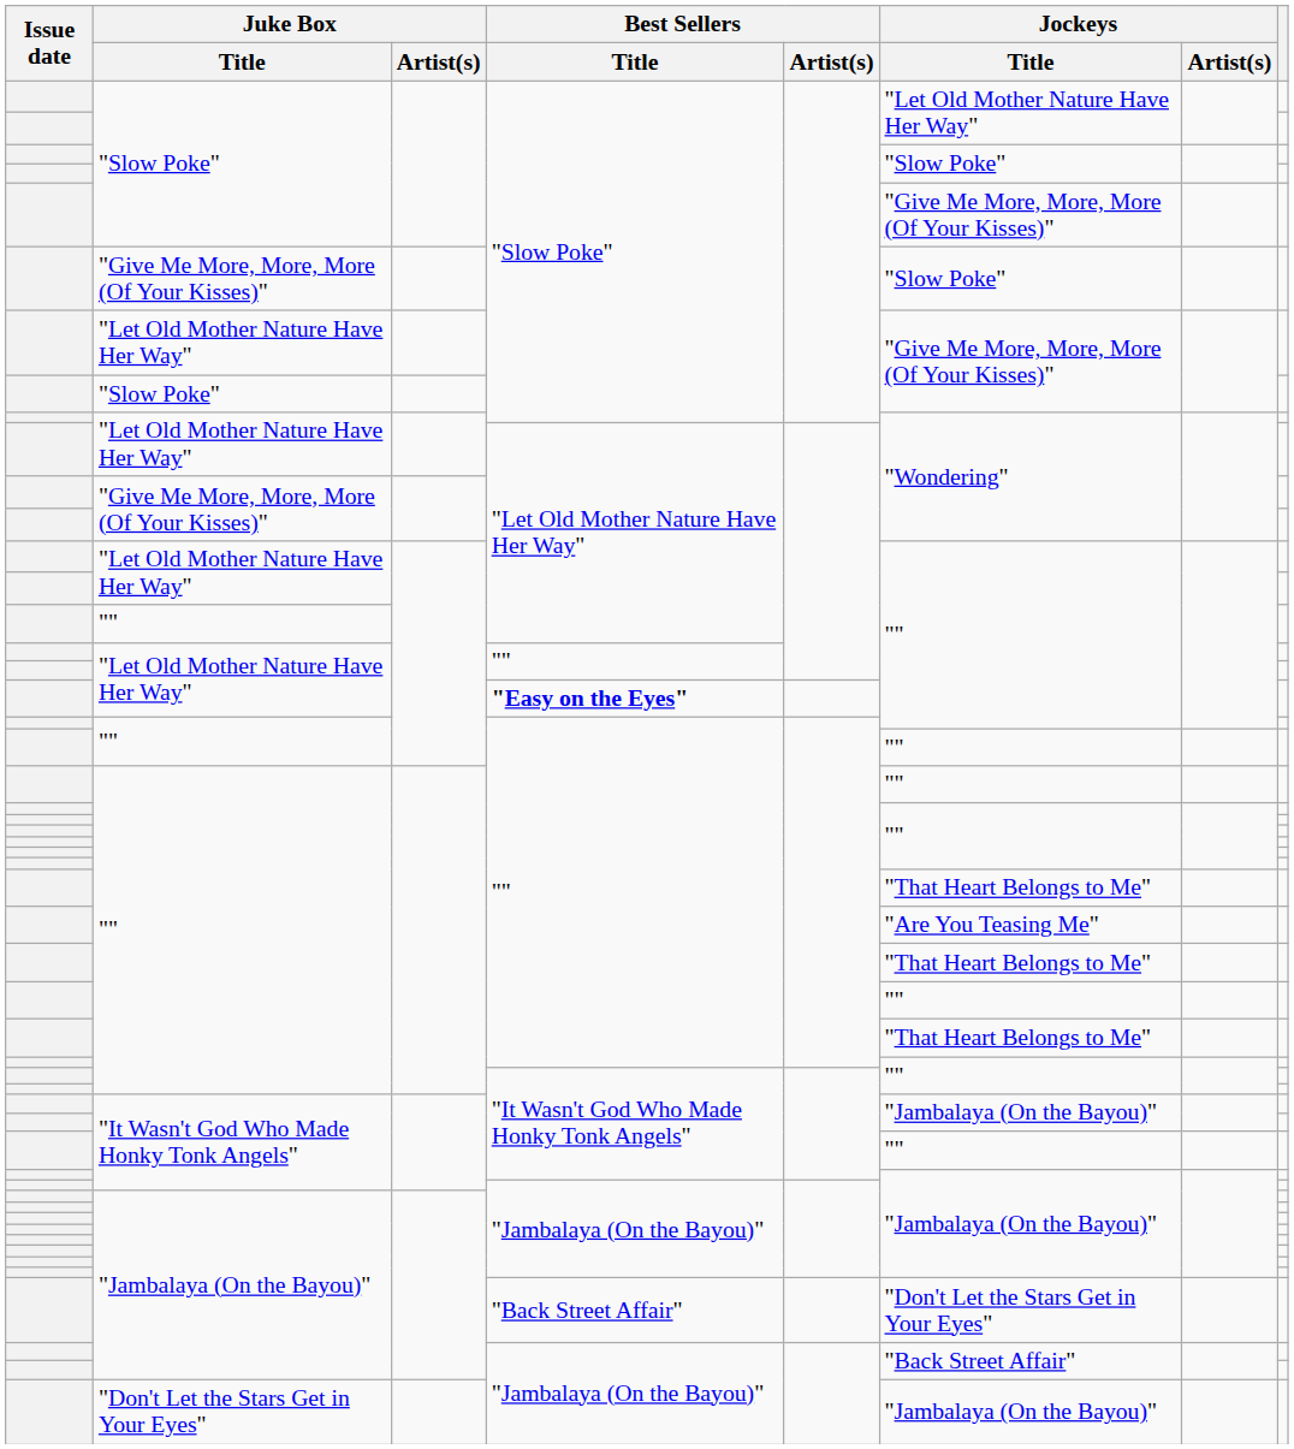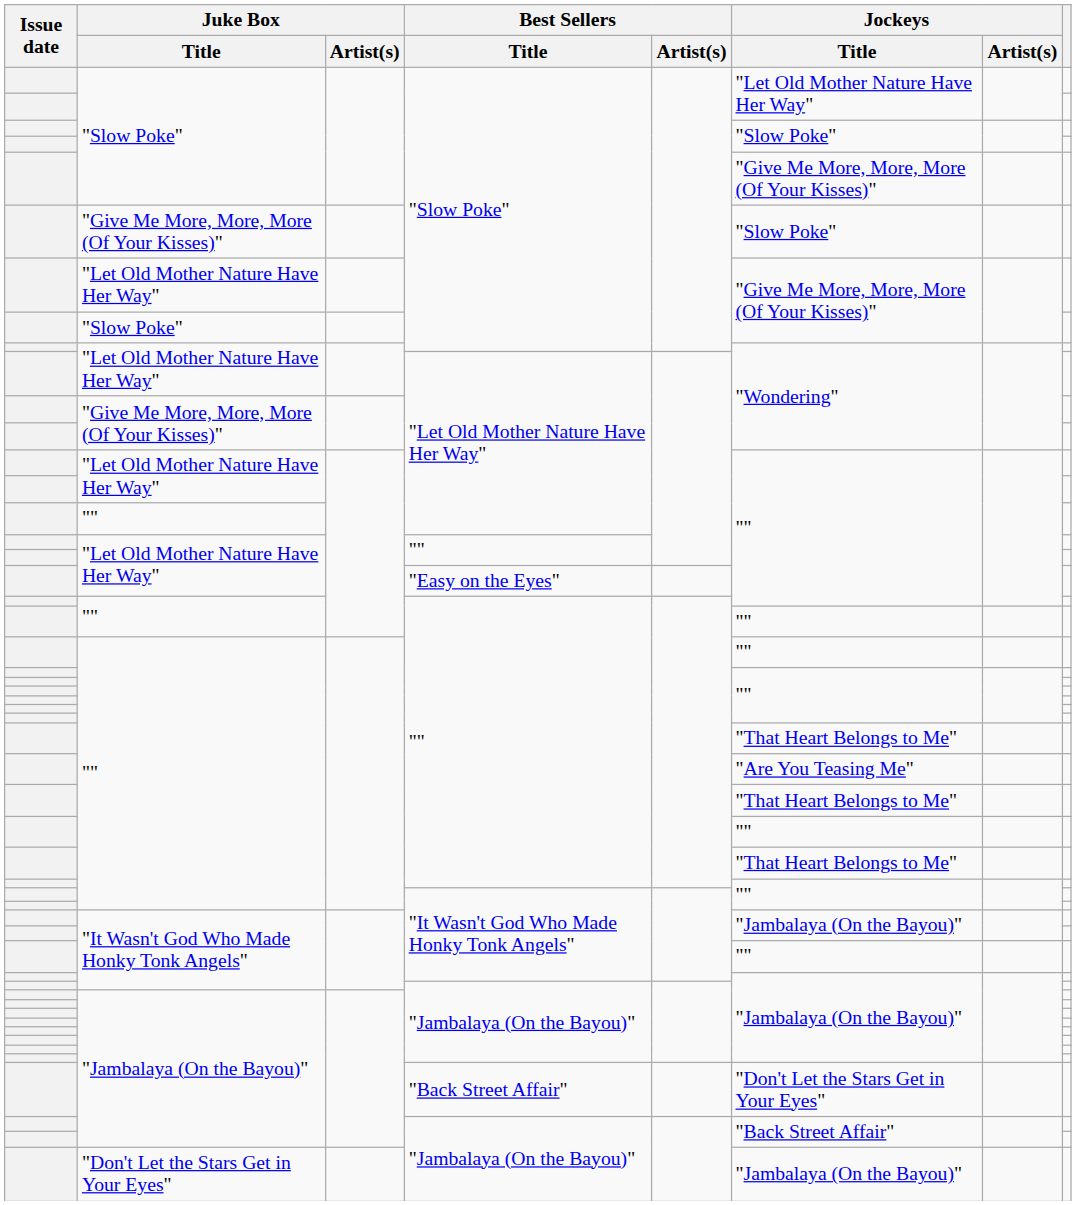 <table class="wikitable sortable plainrowheaders">
 <tr>
 <th scope=col rowspan=2>Issue date</th>
 <th scope=col colspan=2>Juke Box</th>
 <th scope=col colspan=2>Best Sellers</th>
 <th scope=col colspan=2>Jockeys</th>
 <th scope=col rowspan=2 class=unsortable></th>
 </tr>
 <tr>
 <th scope=col>Title</th>
 <th scope=col>Artist(s)</th>
 <th scope=col>Title</th>
 <th scope=col>Artist(s)</th>
 <th scope=col>Title</th>
 <th scope=col>Artist(s)</th>
 </tr>
 <tr>
 <th scope=row></th>
 <td rowspan="5">"<a href='#'>Slow Poke</a>"</td>
 <td rowspan="5"></td>
 <td rowspan="9">"<a href='#'>Slow Poke</a>"</td>
 <td rowspan="9"></td>
 <td rowspan="2">"<a href='#'>Let Old Mother Nature Have Her Way</a>"</td>
 <td rowspan="2"></td>
 <td align=center></td>
 </tr>
 <tr>
 <th scope=row></th>
 <td align=center></td>
 </tr>
 <tr>
 <th scope=row></th>
 <td rowspan=2>"<a href='#'>Slow Poke</a>"</td>
 <td rowspan=2></td>
 <td align=center></td>
 </tr>
 <tr>
 <th scope=row></th>
 <td align=center></td>
 </tr>
 <tr>
 <th scope=row></th>
 <td>"<a href='#'>Give Me More, More, More (Of Your Kisses)</a>"</td>
 <td></td>
 <td align=center></td>
 </tr>
 <tr>
 <th scope=row></th>
 <td>"<a href='#'>Give Me More, More, More (Of Your Kisses)</a>"</td>
 <td></td>
 <td>"<a href='#'>Slow Poke</a>"</td>
 <td rowspan=1></td>
 <td align=center></td>
 </tr>
 <tr>
 <th scope=row></th>
 <td>"<a href='#'>Let Old Mother Nature Have Her Way</a>"</td>
 <td></td>
 <td rowspan=2>"<a href='#'>Give Me More, More, More (Of Your Kisses)</a>"</td>
 <td rowspan=2></td>
 <td align=center></td>
 </tr>
 <tr>
 <th scope=row></th>
 <td rowspan="1">"<a href='#'>Slow Poke</a>"</td>
 <td rowspan="1"></td>
 <td align=center></td>
 </tr>
 <tr>
 <th scope=row></th>
 <td rowspan=2>"<a href='#'>Let Old Mother Nature Have Her Way</a>"</td>
 <td rowspan=2></td>
 <td rowspan=4>"<a href='#'>Wondering</a>"</td>
 <td rowspan=4></td>
 <td align=center></td>
 </tr>
 <tr>
 <th scope=row></th>
 <td rowspan="6">"<a href='#'>Let Old Mother Nature Have Her Way</a>"</td>
 <td rowspan="8"></td>
 <td align=center></td>
 </tr>
 <tr>
 <th scope=row></th>
 <td rowspan=2>"<a href='#'>Give Me More, More, More (Of Your Kisses)</a>"</td>
 <td rowspan=2></td>
 <td align=center></td>
 </tr>
 <tr>
 <th scope=row></th>
 <td align=center></td>
 </tr>
 <tr>
 <th scope=row></th>
 <td rowspan=2>"<a href='#'>Let Old Mother Nature Have Her Way</a>"</td>
 <td rowspan=8></td>
 <td rowspan=7>""</td>
 <td rowspan=7></td>
 <td align=center></td>
 </tr>
 <tr>
 <th scope=row></th>
 <td align=center></td>
 </tr>
 <tr>
 <th scope=row></th>
 <td>""</td>
 <td align=center></td>
 </tr>
 <tr>
 <th scope=row></th>
 <td rowspan=3>"<a href='#'>Let Old Mother Nature Have Her Way</a>"</td>
 <td rowspan="2">""</td>
 <td align=center></td>
 </tr>
 <tr>
 <th scope=row></th>
 <td align=center></td>
 </tr>
 <tr>
 <th scope=row></th>
-<td><strong>"<a href='#'>Easy on the Eyes</a>"</strong></td>
+<td>"<a href='#'>Easy on the Eyes</a>"</td>
 <td></td>
 <td align=center></td>
 </tr>
 <tr>
 <th scope=row></th>
 <td rowspan=2>""</td>
 <td rowspan="15">""</td>
 <td rowspan="15"></td>
 <td align=center></td>
 </tr>
 <tr>
 <th scope=row></th>
 <td>""</td>
 <td></td>
 <td align=center></td>
 </tr>
 <tr>
 <th scope=row></th>
 <td rowspan=15>""</td>
 <td rowspan=15></td>
 <td>""</td>
 <td rowspan=1></td>
 <td align=center></td>
 </tr>
 <tr>
 <th scope=row></th>
 <td rowspan=6>""</td>
 <td rowspan=6></td>
 <td align=center></td>
 </tr>
 <tr>
 <th scope=row></th>
 <td align=center></td>
 </tr>
 <tr>
 <th scope=row></th>
 <td align=center></td>
 </tr>
 <tr>
 <th scope=row></th>
 <td align=center></td>
 </tr>
 <tr>
 <th scope=row></th>
 <td align=center></td>
 </tr>
 <tr>
 <th scope=row></th>
 <td align=center></td>
 </tr>
 <tr>
 <th scope=row></th>
 <td>"<a href='#'>That Heart Belongs to Me</a>"</td>
 <td></td>
 <td align=center></td>
 </tr>
 <tr>
 <th scope=row></th>
 <td>"<a href='#'>Are You Teasing Me</a>"</td>
 <td></td>
 <td align=center></td>
 </tr>
 <tr>
 <th scope=row></th>
 <td>"<a href='#'>That Heart Belongs to Me</a>"</td>
 <td></td>
 <td align=center></td>
 </tr>
 <tr>
 <th scope=row></th>
 <td>""</td>
 <td></td>
 <td align=center></td>
 </tr>
 <tr>
 <th scope=row></th>
 <td>"<a href='#'>That Heart Belongs to Me</a>"</td>
 <td></td>
 <td align=center></td>
 </tr>
 <tr>
 <th scope=row></th>
 <td rowspan=3>""</td>
 <td rowspan=3></td>
 <td align=center></td>
 </tr>
 <tr>
 <th scope=row></th>
 <td rowspan="6">"<a href='#'>It Wasn't God Who Made Honky Tonk Angels</a>"</td>
 <td rowspan="6"></td>
 <td align=center></td>
 </tr>
 <tr>
 <th scope=row></th>
 <td align=center></td>
 </tr>
 <tr>
 <th scope=row></th>
 <td rowspan="5">"<a href='#'>It Wasn't God Who Made Honky Tonk Angels</a>"</td>
 <td rowspan="5"></td>
 <td rowspan="2">"<a href='#'>Jambalaya (On the Bayou)</a>"</td>
 <td rowspan="2"></td>
 <td align=center></td>
 </tr>
 <tr>
 <th scope=row></th>
 <td align=center></td>
 </tr>
 <tr>
 <th scope=row></th>
 <td>""</td>
 <td rowspan=1></td>
 <td align=center></td>
 </tr>
 <tr>
 <th scope=row></th>
 <td rowspan="10">"<a href='#'>Jambalaya (On the Bayou)</a>"</td>
 <td rowspan="10"></td>
 <td align=center></td>
 </tr>
 <tr>
 <th scope=row></th>
 <td rowspan="9">"<a href='#'>Jambalaya (On the Bayou)</a>"</td>
 <td rowspan="9"></td>
 <td align=center></td>
 </tr>
 <tr>
 <th scope=row></th>
 <td rowspan=11>"<a href='#'>Jambalaya (On the Bayou)</a>"</td>
 <td rowspan=11></td>
 <td align=center></td>
 </tr>
 <tr>
 <th scope=row></th>
 <td align=center></td>
 </tr>
 <tr>
 <th scope=row></th>
 <td align=center></td>
 </tr>
 <tr>
 <th scope=row></th>
 <td align=center></td>
 </tr>
 <tr>
 <th scope=row></th>
 <td align=center></td>
 </tr>
 <tr>
 <th scope=row></th>
 <td align=center></td>
 </tr>
 <tr>
 <th scope=row></th>
 <td align=center></td>
 </tr>
 <tr>
 <th scope=row></th>
 <td align=center></td>
 </tr>
 <tr>
 <th scope=row></th>
 <td>"<a href='#'>Back Street Affair</a>"</td>
 <td></td>
 <td>"<a href='#'>Don't Let the Stars Get in Your Eyes</a>"</td>
 <td rowspan="1"></td>
 <td align=center></td>
 </tr>
 <tr>
 <th scope=row></th>
 <td rowspan="3">"<a href='#'>Jambalaya (On the Bayou)</a>"</td>
 <td rowspan="3"></td>
 <td rowspan=2>"<a href='#'>Back Street Affair</a>"</td>
 <td rowspan=2></td>
 <td align=center></td>
 </tr>
 <tr>
 <th scope=row></th>
 <td align=center></td>
 </tr>
 <tr>
 <th scope=row></th>
 <td rowspan="1">"<a href='#'>Don't Let the Stars Get in Your Eyes</a>"</td>
 <td rowspan="1"></td>
 <td rowspan="1">"<a href='#'>Jambalaya (On the Bayou)</a>"</td>
 <td rowspan="1"></td>
 <td align=center></td>
 </tr>
 </table>
